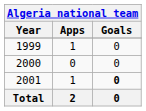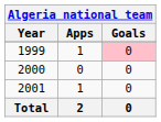 <table class="wikitable" style="text-align:center">
 <tr>
 <th colspan=3><a href='#'>Algeria national team</a></th>
 </tr>
 <tr>
 <th>Year</th>
 <th>Apps</th>
 <th>Goals</th>
 </tr>
 <tr>
 </tr>
 <tr>
 <td>1999</td>
 <td>1</td>
-<td>0</td>
+<td style="background: pink;">0</td>
 </tr>
 <tr>
 <td>2000</td>
 <td>0</td>
 <td>0</td>
 </tr>
 <tr>
 <td>2001</td>
 <td>1</td>
-<td><strong>0</strong></td>
+<td>0</td>
 </tr>
 <tr>
 <th>Total</th>
 <th>2</th>
 <th>0</th>
 </tr>
 </table>
